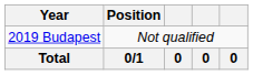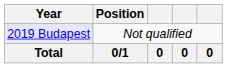 <table class="wikitable" style="text-align: center;">
 <tr>
 <th>Year</th>
 <th>Position</th>
 <th width=25px></th>
 <th width=25px></th>
 <th width=25px></th>
 </tr>
 <tr>
-<td style="text-align: left;"> <a href='#'>2019 Budapest</a></td>
+<td style="background: lavender; text-align: left;"> <a href='#'>2019 Budapest</a></td>
 <td colspan=4><em>Not qualified</em></td>
 </tr>
 <tr>
 <th>Total</th>
 <th>0/1</th>
 <th>0</th>
 <th>0</th>
 <th>0</th>
 </tr>
 </table>
